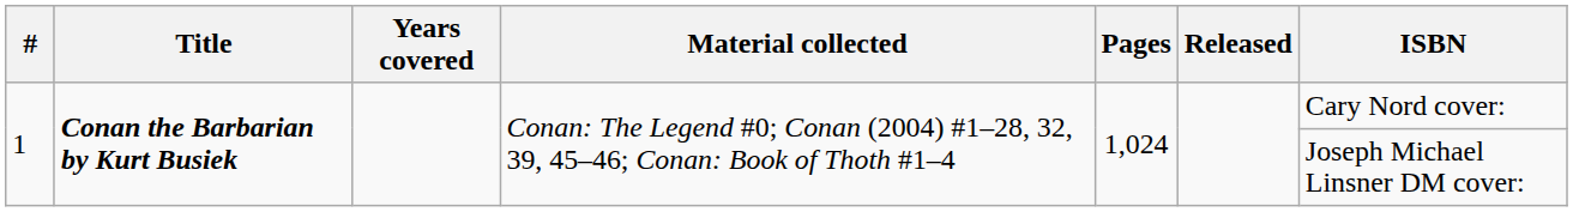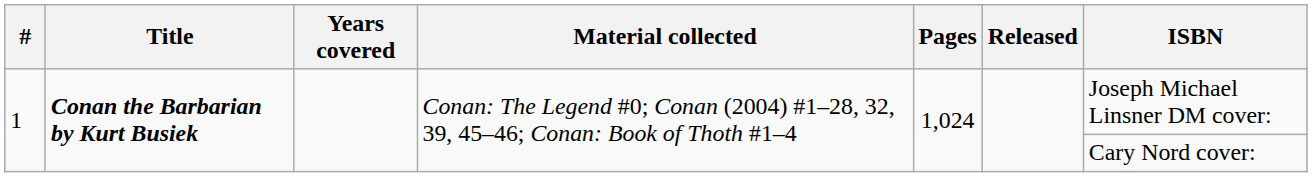 <table class="wikitable sortable" width=99%>
 <tr>
 <th class="unsortable" width=20px>#</th>
 <th>Title</th>
 <th>Years covered</th>
 <th class="unsortable">Material collected</th>
 <th>Pages</th>
 <th>Released</th>
 <th class="unsortable">ISBN</th>
 </tr>
 <tr>
 <td rowspan=2>1</td>
 <td rowspan=2><strong><em>Conan the Barbarian by Kurt Busiek</em></strong></td>
 <td rowspan=2></td>
 <td rowspan=2><em>Conan: The Legend</em> #0; <em>Conan</em> (2004) #1–28, 32, 39, 45–46; <em>Conan: Book of Thoth</em> #1–4</td>
 <td style="text-align: center;" rowspan=2>1,024</td>
 <td rowspan=2></td>
+<td>Joseph Michael Linsner DM cover: </td>
+</tr>
+<tr>
 <td>Cary Nord cover: </td>
 </tr>
-<tr>
-<td>Joseph Michael Linsner DM cover: </td>
-</tr>
 </table>
